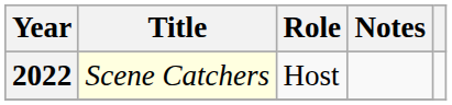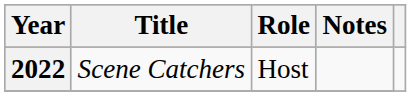 <table class="wikitable  plainrowheaders">
 <tr>
 <th scope="col">Year</th>
 <th scope="col">Title</th>
 <th scope="col">Role</th>
 <th scope="col">Notes</th>
 <th scope="col" class="unsortable"></th>
 </tr>
 <tr>
 <th scope="row">2022</th>
-<td style="background: lightyellow;"><em>Scene Catchers</em></td>
+<td><em>Scene Catchers</em></td>
 <td>Host</td>
 <td></td>
 </tr>
 <tr>
 </tr>
 </table>
